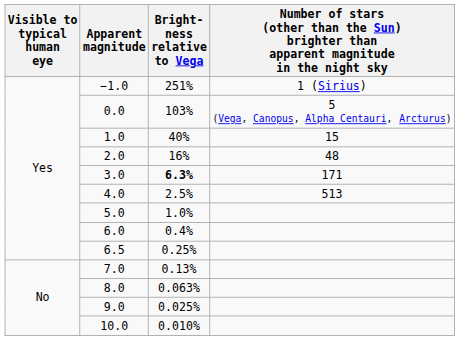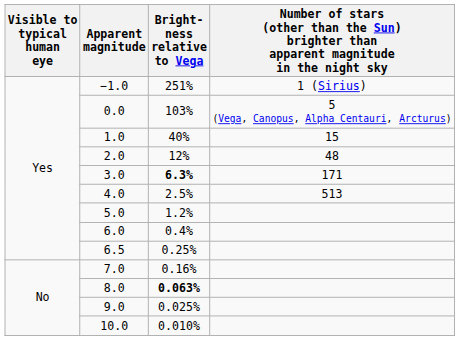 <table class="wikitable" style="float: center; margin-left: 1em; text-align: center;">
 <tr>
 <th>Visible to<br>typical<br>human<br>eye</th>
 <th>Apparent<br>magnitude</th>
 <th>Bright-<br>ness<br>relative<br>to <a href='#'>Vega</a></th>
 <th>Number of stars <br> (other than the <a href='#'>Sun</a>) <br>brighter than<br>apparent magnitude<br>in the night sky</th>
 </tr>
 <tr>
 <td rowspan="9">Yes</td>
 <td>−1.0</td>
 <td>251%</td>
 <td>1 (<a href='#'>Sirius</a>)</td>
 </tr>
 <tr>
 <td>0.0</td>
 <td>103%</td>
 <td>5<br><small>(<a href='#'>Vega</a>, <a href='#'>Canopus</a>, <a href='#'>Alpha Centauri</a>,</small> <small><a href='#'>Arcturus</a>)</small></td>
 </tr>
 <tr>
 <td>1.0</td>
 <td>40%</td>
 <td>15</td>
 </tr>
 <tr>
 <td>2.0</td>
-<td>16%</td>
+<td>12%</td>
 <td>48</td>
 </tr>
 <tr>
 <td>3.0</td>
 <td><strong>6.3%</strong></td>
 <td>171</td>
 </tr>
 <tr>
 <td>4.0</td>
 <td>2.5%</td>
 <td>513</td>
 </tr>
 <tr>
 <td>5.0</td>
-<td>1.0%</td>
+<td>1.2%</td>
 <td></td>
 </tr>
 <tr>
 <td>6.0</td>
 <td>0.4%</td>
 <td></td>
 </tr>
 <tr>
 <td>6.5</td>
 <td>0.25%</td>
 <td></td>
 </tr>
 <tr>
 <td rowspan="4">No</td>
 <td>7.0</td>
-<td>0.13%</td>
+<td>0.16%</td>
 <td></td>
 </tr>
 <tr>
 <td>8.0</td>
-<td>0.063%</td>
+<td><strong>0.063%</strong></td>
 <td></td>
 </tr>
 <tr>
 <td>9.0</td>
 <td>0.025%</td>
 <td></td>
 </tr>
 <tr>
 <td>10.0</td>
 <td>0.010%</td>
 <td></td>
 </tr>
 </table>
